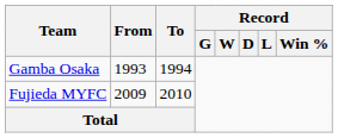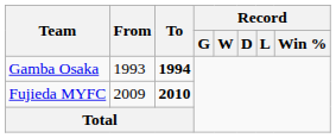 <table class="wikitable" style="text-align: center">
 <tr>
 <th rowspan="2">Team</th>
 <th rowspan="2">From</th>
 <th rowspan="2">To</th>
 <th colspan="5">Record</th>
 </tr>
 <tr>
 <th>G</th>
 <th>W</th>
 <th>D</th>
 <th>L</th>
 <th>Win %</th>
 </tr>
 <tr>
 <td align="left"><a href='#'>Gamba Osaka</a></td>
 <td align="left">1993</td>
-<td align="left">1994<br></td>
+<td align="left"><strong>1994<br></strong></td>
 </tr>
 <tr>
 <td align="left"><a href='#'>Fujieda MYFC</a></td>
 <td align="left">2009</td>
-<td align="left">2010<br></td>
+<td align="left"><strong>2010<br></strong></td>
 </tr>
 <tr>
 <th colspan="3">Total<br></th>
 </tr>
 </table>
